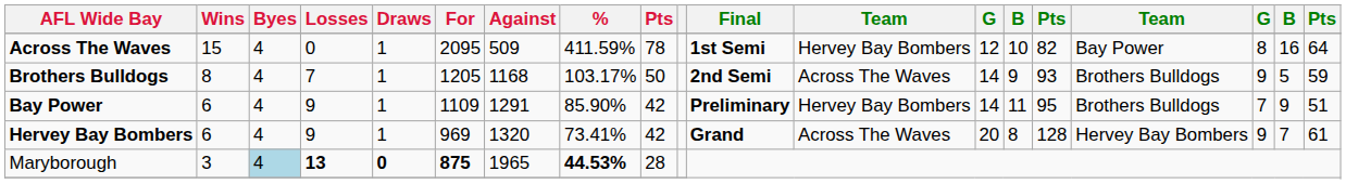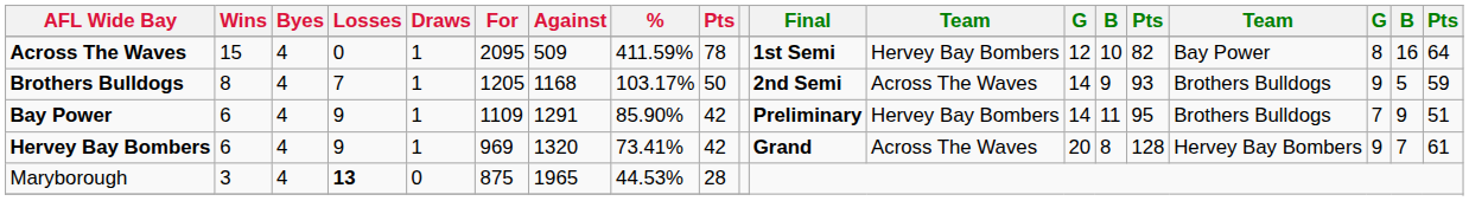 <table class="wikitable">
 <tr>
 <th style="color:crimson">AFL Wide Bay</th>
 <th style="color:crimson">Wins</th>
 <th style="color:crimson">Byes</th>
 <th style="color:crimson">Losses</th>
 <th style="color:crimson">Draws</th>
 <th style="color:crimson">For</th>
 <th style="color:crimson">Against</th>
 <th style="color:crimson">%</th>
 <th style="color:crimson">Pts</th>
 <th></th>
 <th style="color:green">Final</th>
 <th style="color:green">Team</th>
 <th style="color:green">G</th>
 <th style="color:green">B</th>
 <th style="color:green">Pts</th>
 <th style="color:green">Team</th>
 <th style="color:green">G</th>
 <th style="color:green">B</th>
 <th style="color:green">Pts</th>
 </tr>
 <tr>
 </tr>
 <tr>
 </tr>
 <tr>
 <td><strong>	Across The Waves	</strong></td>
 <td>15</td>
 <td>4</td>
 <td>0</td>
 <td>1</td>
 <td>2095</td>
 <td>509</td>
 <td>411.59%</td>
 <td>78</td>
 <td></td>
 <td><strong>1st Semi</strong></td>
 <td>Hervey Bay Bombers</td>
 <td>12</td>
 <td>10</td>
 <td>82</td>
 <td>Bay Power</td>
 <td>8</td>
 <td>16</td>
 <td>64</td>
 </tr>
 <tr>
 <td><strong>	Brothers Bulldogs	</strong></td>
 <td>8</td>
 <td>4</td>
 <td>7</td>
 <td>1</td>
 <td>1205</td>
 <td>1168</td>
 <td>103.17%</td>
 <td>50</td>
 <td></td>
 <td><strong>2nd Semi</strong></td>
 <td>Across The Waves</td>
 <td>14</td>
 <td>9</td>
 <td>93</td>
 <td>Brothers Bulldogs</td>
 <td>9</td>
 <td>5</td>
 <td>59</td>
 </tr>
 <tr>
 <td><strong>	Bay Power	</strong></td>
 <td>6</td>
 <td>4</td>
 <td>9</td>
 <td>1</td>
 <td>1109</td>
 <td>1291</td>
 <td>85.90%</td>
 <td>42</td>
 <td></td>
 <td><strong>Preliminary</strong></td>
 <td>Hervey Bay Bombers</td>
 <td>14</td>
 <td>11</td>
 <td>95</td>
 <td>Brothers Bulldogs</td>
 <td>7</td>
 <td>9</td>
 <td>51</td>
 </tr>
 <tr>
 <td><strong>	Hervey Bay Bombers	</strong></td>
 <td>6</td>
 <td>4</td>
 <td>9</td>
 <td>1</td>
 <td>969</td>
 <td>1320</td>
 <td>73.41%</td>
 <td>42</td>
 <td></td>
 <td><strong>Grand</strong></td>
 <td>Across The Waves</td>
 <td>20</td>
 <td>8</td>
 <td>128</td>
 <td>Hervey Bay Bombers</td>
 <td>9</td>
 <td>7</td>
 <td>61</td>
 </tr>
 <tr>
 <td>Maryborough</td>
 <td>3</td>
-<td style="background: lightblue;">4</td>
+<td>4</td>
 <td><strong>13</strong></td>
-<td><strong>0</strong></td>
-<td><strong>875</strong></td>
+<td>0</td>
+<td>875</td>
 <td>1965</td>
-<td><strong>44.53%</strong></td>
+<td>44.53%</td>
 <td>28</td>
 <td></td>
 </tr>
 <tr>
 </tr>
 </table>
